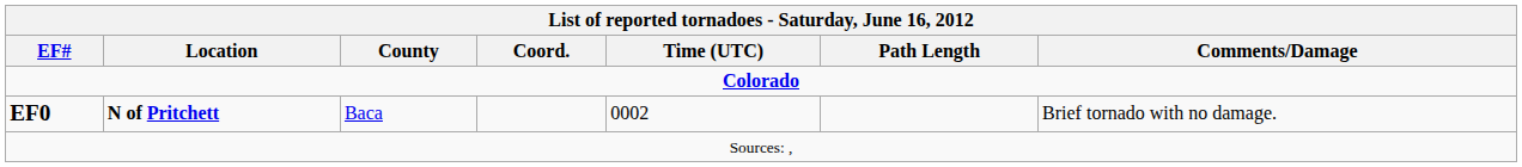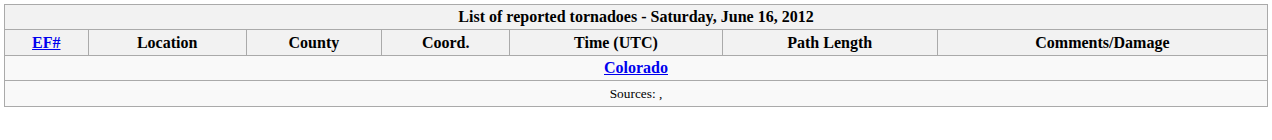 <table class="wikitable collapsible" width="100%">
 <tr>
 <th colspan="7">List of reported tornadoes - Saturday, June 16, 2012</th>
 </tr>
 <tr>
 <th><a href='#'>EF#</a></th>
 <th>Location</th>
 <th>County</th>
 <th>Coord.</th>
 <th>Time (UTC)</th>
 <th>Path Length</th>
 <th>Comments/Damage</th>
 </tr>
 <tr>
 <td colspan="7" align=center><strong><a href='#'>Colorado</a></strong></td>
 </tr>
 <tr>
-<td><big><strong>EF0</strong></big></td>
-<td><strong>N of <a href='#'>Pritchett</a></strong></td>
-<td><a href='#'>Baca</a></td>
-<td></td>
-<td>0002</td>
-<td></td>
-<td>Brief tornado with no damage.</td>
-</tr>
-<tr>
 <td colspan="7" align=center><small>Sources: , </small></td>
 </tr>
 <tr>
 </tr>
 </table>
